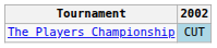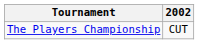 <table class="wikitable" style="font-size:95%;text-align:center;">
 <tr>
 <th>Tournament</th>
 <th>2002</th>
 </tr>
 <tr>
 <td align=left><a href='#'>The Players Championship</a></td>
-<td style="background: lightblue;">CUT</td>
+<td>CUT</td>
 </tr>
 </table>
